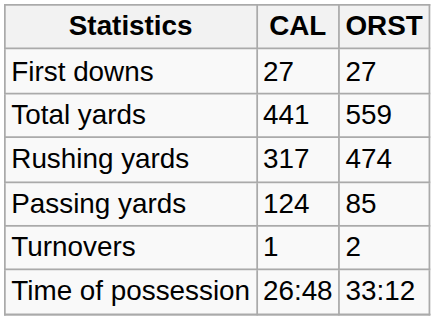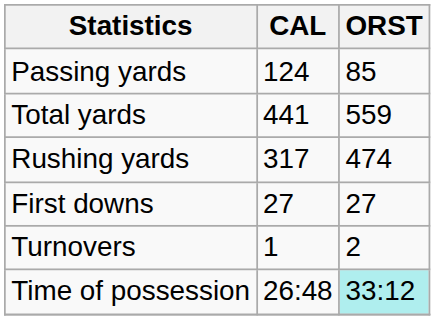 <table class="wikitable">
 <tr>
 <th>Statistics</th>
 <th>CAL</th>
 <th>ORST</th>
 </tr>
 <tr>
-<td>First downs</td>
-<td>27</td>
-<td>27</td>
+<td>Passing yards</td>
+<td>124</td>
+<td>85</td>
 </tr>
 <tr>
 <td>Total yards</td>
 <td>441</td>
 <td>559</td>
 </tr>
 <tr>
 <td>Rushing yards</td>
 <td>317</td>
 <td>474</td>
 </tr>
 <tr>
-<td>Passing yards</td>
-<td>124</td>
-<td>85</td>
+<td>First downs</td>
+<td>27</td>
+<td>27</td>
 </tr>
 <tr>
 <td>Turnovers</td>
 <td>1</td>
 <td>2</td>
 </tr>
 <tr>
 <td>Time of possession</td>
 <td>26:48</td>
-<td>33:12</td>
+<td style="background: paleturquoise;">33:12</td>
 </tr>
 <tr>
 </tr>
 </table>
